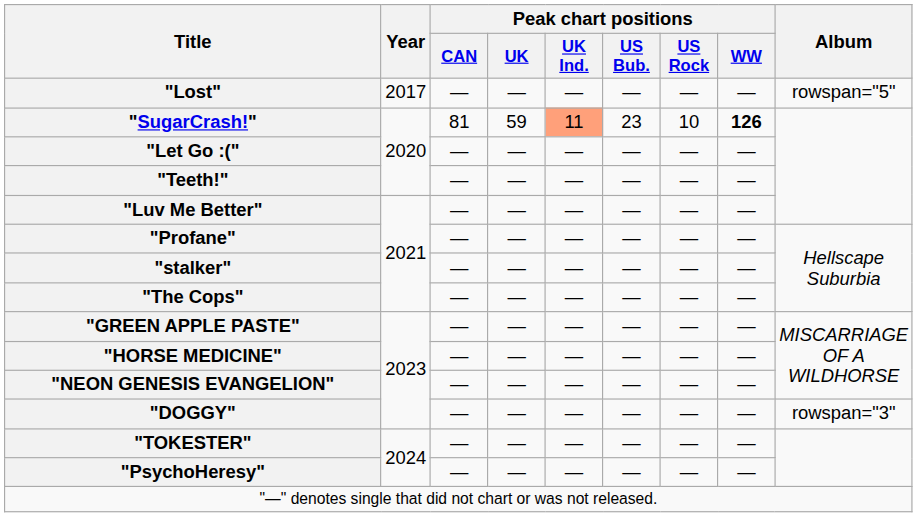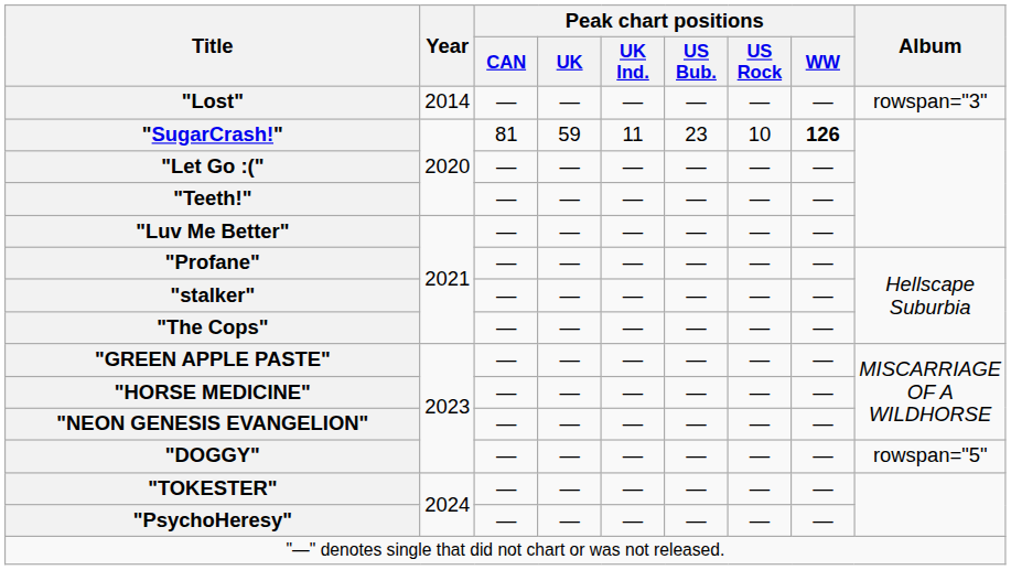 <table class="wikitable plainrowheaders" style="text-align:center;">
 <tr>
 <th rowspan="2" style="width:20em;">Title</th>
 <th rowspan="2" style="width:1em;">Year</th>
 <th colspan="6">Peak chart positions</th>
 <th rowspan="2" style="width:5em;">Album</th>
 </tr>
 <tr>
 <th scope="col" style="width:3em;font-size:90%;"><a href='#'>CAN</a><br></th>
 <th scope="col" style="width:3em;font-size:90%;"><a href='#'>UK</a><br></th>
 <th scope="col" style="width:3em;font-size:90%;"><a href='#'>UK<br>Ind.</a><br></th>
 <th scope="col" style="width:3em;font-size:90%;"><a href='#'>US<br>Bub.</a><br></th>
 <th scope="col" style="width:3em;font-size:90%;"><a href='#'>US<br>Rock</a><br></th>
 <th scope="col" style="width:3em;font-size:90%;"><a href='#'>WW</a><br></th>
 </tr>
 <tr>
 <th scope="row">"Lost"</th>
-<td>2017</td>
+<td>2014</td>
 <td>―</td>
 <td>―</td>
 <td>―</td>
 <td>―</td>
 <td>―</td>
 <td>―</td>
-<td>rowspan="5" </td>
+<td>rowspan="3" </td>
 </tr>
 <tr>
 <th scope="row">"<a href='#'>SugarCrash!</a>"<br></th>
 <td rowspan="3">2020</td>
 <td>81</td>
 <td>59</td>
-<td style="background: lightsalmon;">11</td>
+<td>11</td>
 <td>23</td>
 <td>10</td>
 <td><strong>126</strong></td>
 </tr>
 <tr>
 <th scope="row">"Let Go :("</th>
 <td>—</td>
 <td>—</td>
 <td>—</td>
 <td>—</td>
 <td>—</td>
 <td>—</td>
 </tr>
 <tr>
 <th scope="row">"Teeth!"</th>
 <td>—</td>
 <td>—</td>
 <td>—</td>
 <td>—</td>
 <td>—</td>
 <td>—</td>
 </tr>
 <tr>
 <th scope="row">"Luv Me Better"<br></th>
 <td rowspan="4">2021</td>
 <td>—</td>
 <td>—</td>
 <td>—</td>
 <td>—</td>
 <td>—</td>
 <td>—</td>
 </tr>
 <tr>
 <th scope="row">"Profane"</th>
 <td>—</td>
 <td>—</td>
 <td>—</td>
 <td>—</td>
 <td>—</td>
 <td>—</td>
 <td rowspan="3"><em>Hellscape Suburbia</em></td>
 </tr>
 <tr>
 <th scope="row">"stalker"</th>
 <td>—</td>
 <td>—</td>
 <td>—</td>
 <td>—</td>
 <td>—</td>
 <td>—</td>
 </tr>
 <tr>
 <th scope="row">"The Cops"<br></th>
 <td>—</td>
 <td>—</td>
 <td>—</td>
 <td>—</td>
 <td>—</td>
 <td>—</td>
 </tr>
 <tr>
 <th scope="row">"GREEN APPLE PASTE"</th>
 <td rowspan="4">2023</td>
 <td>—</td>
 <td>—</td>
 <td>—</td>
 <td>—</td>
 <td>—</td>
 <td>—</td>
 <td rowspan="3"><em>MISCARRIAGE OF A WILDHORSE</em></td>
 </tr>
 <tr>
 <th scope="row">"HORSE MEDICINE"</th>
 <td>—</td>
 <td>—</td>
 <td>—</td>
 <td>—</td>
 <td>—</td>
 <td>—</td>
 </tr>
 <tr>
 <th scope="row">"NEON GENESIS EVANGELION"</th>
 <td>—</td>
 <td>—</td>
 <td>—</td>
 <td>—</td>
 <td>—</td>
 <td>—</td>
 </tr>
 <tr>
 <th scope="row">"DOGGY"</th>
 <td>—</td>
 <td>—</td>
 <td>—</td>
 <td>—</td>
 <td>—</td>
 <td>—</td>
-<td>rowspan="3" </td>
+<td>rowspan="5" </td>
 </tr>
 <tr>
 <th scope="row">"TOKESTER"<br></th>
 <td rowspan="2">2024</td>
 <td>—</td>
 <td>—</td>
 <td>—</td>
 <td>—</td>
 <td>—</td>
 <td>—</td>
 </tr>
 <tr>
 <th scope="row">"PsychoHeresy"</th>
 <td>—</td>
 <td>—</td>
 <td>—</td>
 <td>—</td>
 <td>—</td>
 <td>—</td>
 </tr>
 <tr>
 <td colspan="9" style="text-align:center; font-size:85%;">"—" denotes single that did not chart or was not released.</td>
 </tr>
 </table>
